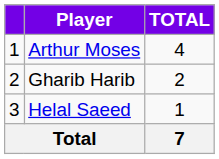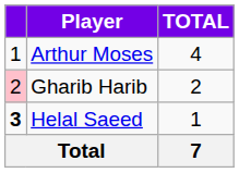 <table border="0" class="wikitable" style="text-align:center;font-size:95%">
 <tr>
 <th scope=col style="color:#FFFFFF; background:#7300E6;"></th>
 <th scope=col style="color:#FFFFFF; background:#7300E6;">Player</th>
 <th scope=col style="color:#FFFFFF; background:#7300E6;">TOTAL</th>
 </tr>
 <tr>
 <td rowspan=1>1</td>
 <td align=left> <a href='#'>Arthur Moses</a></td>
 <td rowspan=1 align=center>4</td>
 </tr>
 <tr>
-<td rowspan=1>2</td>
+<td rowspan=1 style="background: pink;">2</td>
 <td align=left> Gharib Harib</td>
 <td rowspan=1 align=center>2</td>
 </tr>
 <tr>
-<td rowspan=1>3</td>
+<td rowspan=1><strong>3</strong></td>
 <td align=left> <a href='#'>Helal Saeed</a></td>
 <td rowspan=1 align=center>1</td>
 </tr>
 <tr>
 <th colspan="2">Total</th>
 <th>7</th>
 </tr>
 </table>
